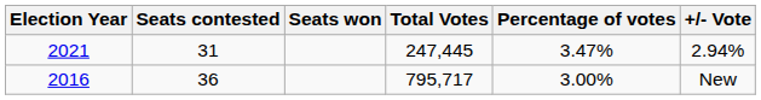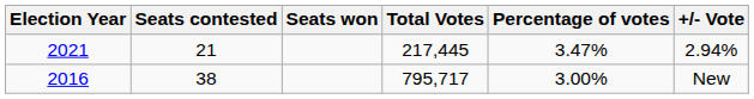 <table class="wikitable" style="text-align:center">
 <tr>
 <th Style="background-color:">Election Year</th>
 <th Style="background-color:">Seats contested</th>
 <th Style="background-color:">Seats won</th>
 <th Style="background-color:">Total Votes</th>
 <th Style="background-color:">Percentage of votes</th>
 <th Style="background-color:">+/- Vote</th>
 </tr>
 <tr>
 <td><a href='#'>2021</a></td>
-<td>31</td>
+<td>21</td>
 <td></td>
-<td>247,445</td>
+<td>217,445</td>
 <td>3.47%</td>
 <td> 2.94%</td>
 </tr>
 <tr>
 <td><a href='#'>2016</a></td>
-<td>36</td>
+<td>38</td>
 <td></td>
 <td>795,717</td>
 <td>3.00%</td>
 <td>New</td>
 </tr>
 </table>
